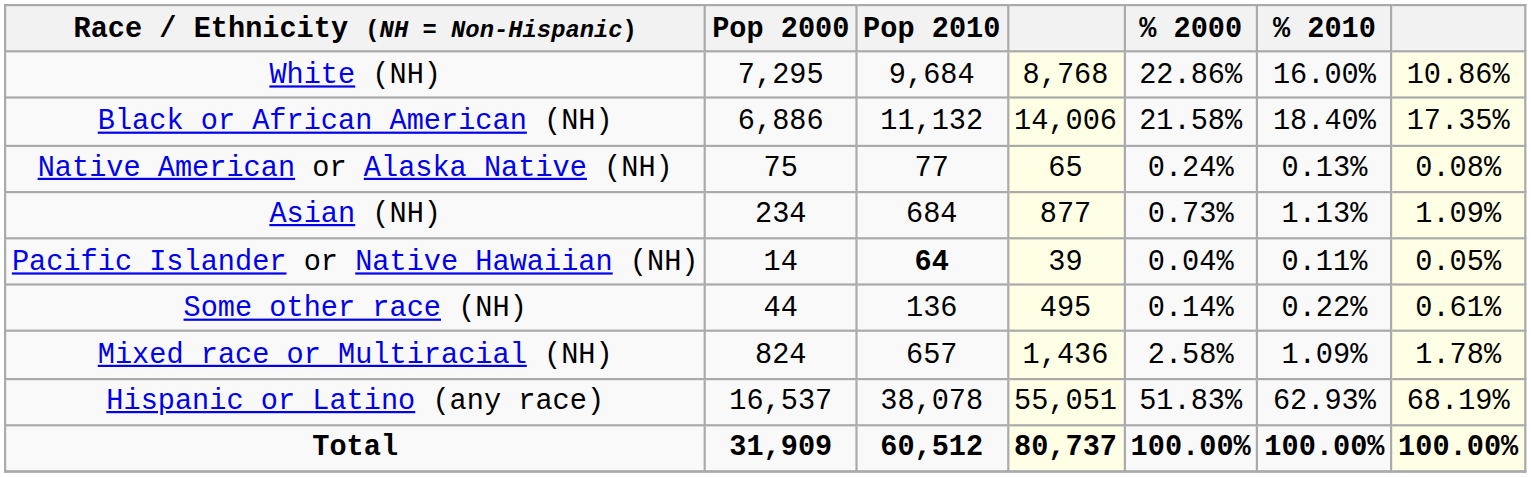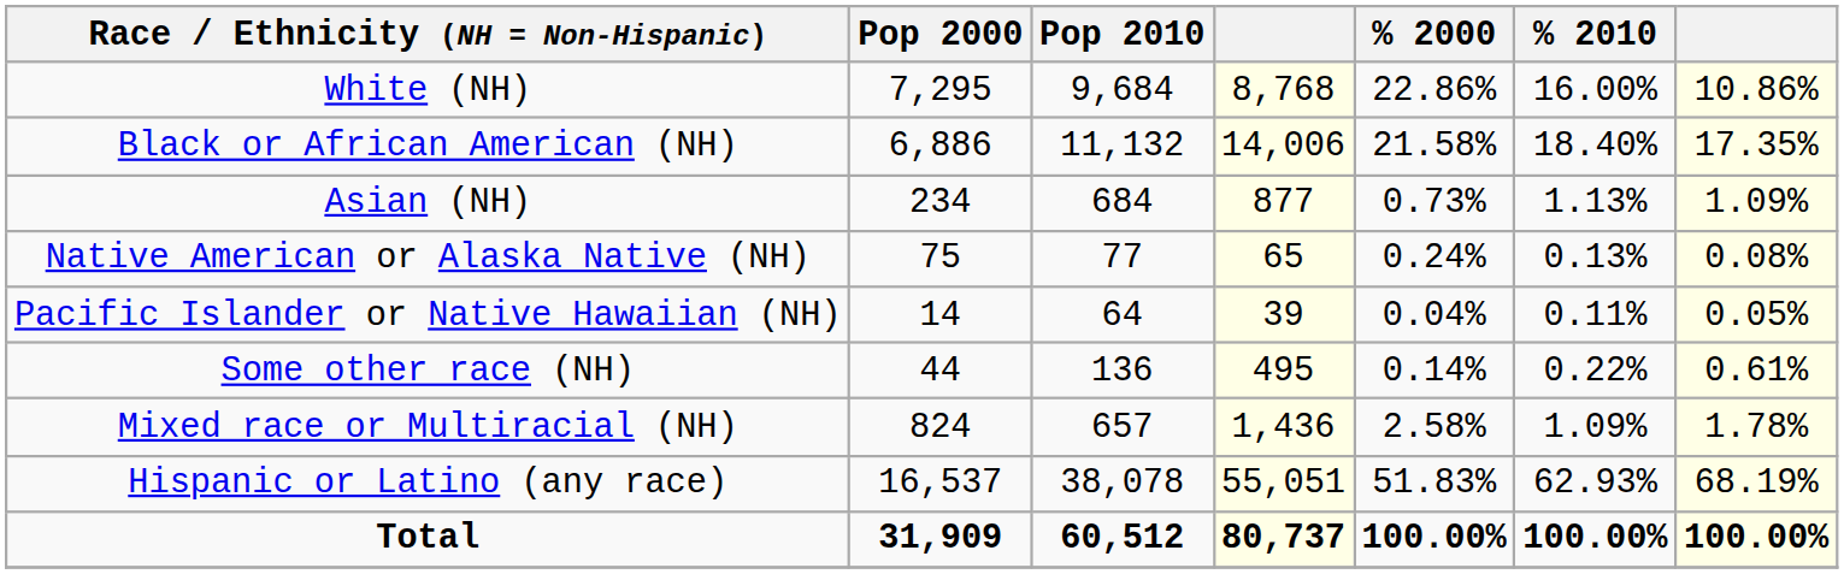 <table class="wikitable" style="text-align:center;">
 <tr>
 <th>Race / Ethnicity <small>(<em>NH = Non-Hispanic</em>)</small></th>
 <th>Pop 2000</th>
 <th>Pop 2010</th>
 <th></th>
 <th>% 2000</th>
 <th>% 2010</th>
 <th></th>
 </tr>
 <tr>
 <td><a href='#'>White</a> (NH)</td>
 <td>7,295</td>
 <td>9,684</td>
 <td style='background: #ffffe6;'>8,768</td>
 <td>22.86%</td>
 <td>16.00%</td>
 <td style='background: #ffffe6;'>10.86%</td>
 </tr>
 <tr>
 <td><a href='#'>Black or African American</a> (NH)</td>
 <td>6,886</td>
 <td>11,132</td>
 <td style='background: #ffffe6;'>14,006</td>
 <td>21.58%</td>
 <td>18.40%</td>
 <td style='background: #ffffe6;'>17.35%</td>
 </tr>
 <tr>
+<td><a href='#'>Asian</a> (NH)</td>
+<td>234</td>
+<td>684</td>
+<td style='background: #ffffe6;'>877</td>
+<td>0.73%</td>
+<td>1.13%</td>
+<td style='background: #ffffe6;'>1.09%</td>
+</tr>
+<tr>
 <td><a href='#'>Native American</a> or <a href='#'>Alaska Native</a> (NH)</td>
 <td>75</td>
 <td>77</td>
 <td style='background: #ffffe6;'>65</td>
 <td>0.24%</td>
 <td>0.13%</td>
 <td style='background: #ffffe6;'>0.08%</td>
 </tr>
 <tr>
-<td><a href='#'>Asian</a> (NH)</td>
-<td>234</td>
-<td>684</td>
-<td style='background: #ffffe6;'>877</td>
-<td>0.73%</td>
-<td>1.13%</td>
-<td style='background: #ffffe6;'>1.09%</td>
-</tr>
-<tr>
 <td><a href='#'>Pacific Islander</a> or <a href='#'>Native Hawaiian</a> (NH)</td>
 <td>14</td>
-<td><strong>64</strong></td>
+<td>64</td>
 <td style='background: #ffffe6;'>39</td>
 <td>0.04%</td>
 <td>0.11%</td>
 <td style='background: #ffffe6;'>0.05%</td>
 </tr>
 <tr>
 <td><a href='#'>Some other race</a> (NH)</td>
 <td>44</td>
 <td>136</td>
 <td style='background: #ffffe6;'>495</td>
 <td>0.14%</td>
 <td>0.22%</td>
 <td style='background: #ffffe6;'>0.61%</td>
 </tr>
 <tr>
 <td><a href='#'>Mixed race or Multiracial</a> (NH)</td>
 <td>824</td>
 <td>657</td>
 <td style='background: #ffffe6;'>1,436</td>
 <td>2.58%</td>
 <td>1.09%</td>
 <td style='background: #ffffe6;'>1.78%</td>
 </tr>
 <tr>
 <td><a href='#'>Hispanic or Latino</a> (any race)</td>
 <td>16,537</td>
 <td>38,078</td>
 <td style='background: #ffffe6;'>55,051</td>
 <td>51.83%</td>
 <td>62.93%</td>
 <td style='background: #ffffe6;'>68.19%</td>
 </tr>
 <tr>
 <td><strong>Total</strong></td>
 <td><strong>31,909</strong></td>
 <td><strong>60,512</strong></td>
 <td style='background: #ffffe6;'><strong>80,737</strong></td>
 <td><strong>100.00%</strong></td>
 <td><strong>100.00%</strong></td>
 <td style='background: #ffffe6;'><strong>100.00%</strong></td>
 </tr>
 <tr>
 </tr>
 </table>
